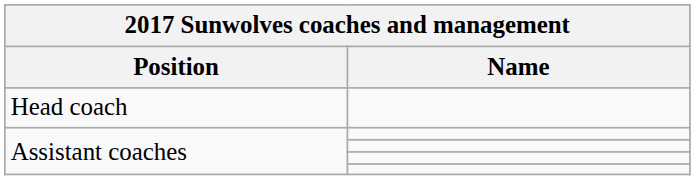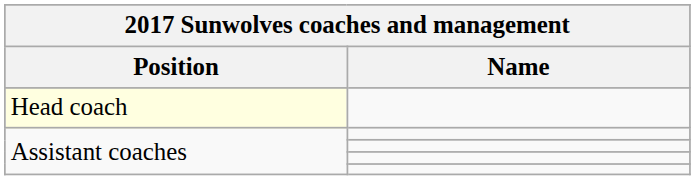 <table class="wikitable sortable" style="text-align:left; font-size:90%; width:20%">
 <tr>
 <th colspan=100%>2017 Sunwolves coaches and management</th>
 </tr>
 <tr>
 <th style="width:50%;">Position</th>
 <th style="width:50%;">Name</th>
 </tr>
 <tr>
-<td>Head coach</td>
+<td style="background: lightyellow;">Head coach</td>
 <td></td>
 </tr>
 <tr>
 <td rowspan=4>Assistant coaches</td>
 <td></td>
 </tr>
 <tr>
 <td></td>
 </tr>
 <tr>
 <td></td>
 </tr>
 <tr>
 <td></td>
 </tr>
 </table>
